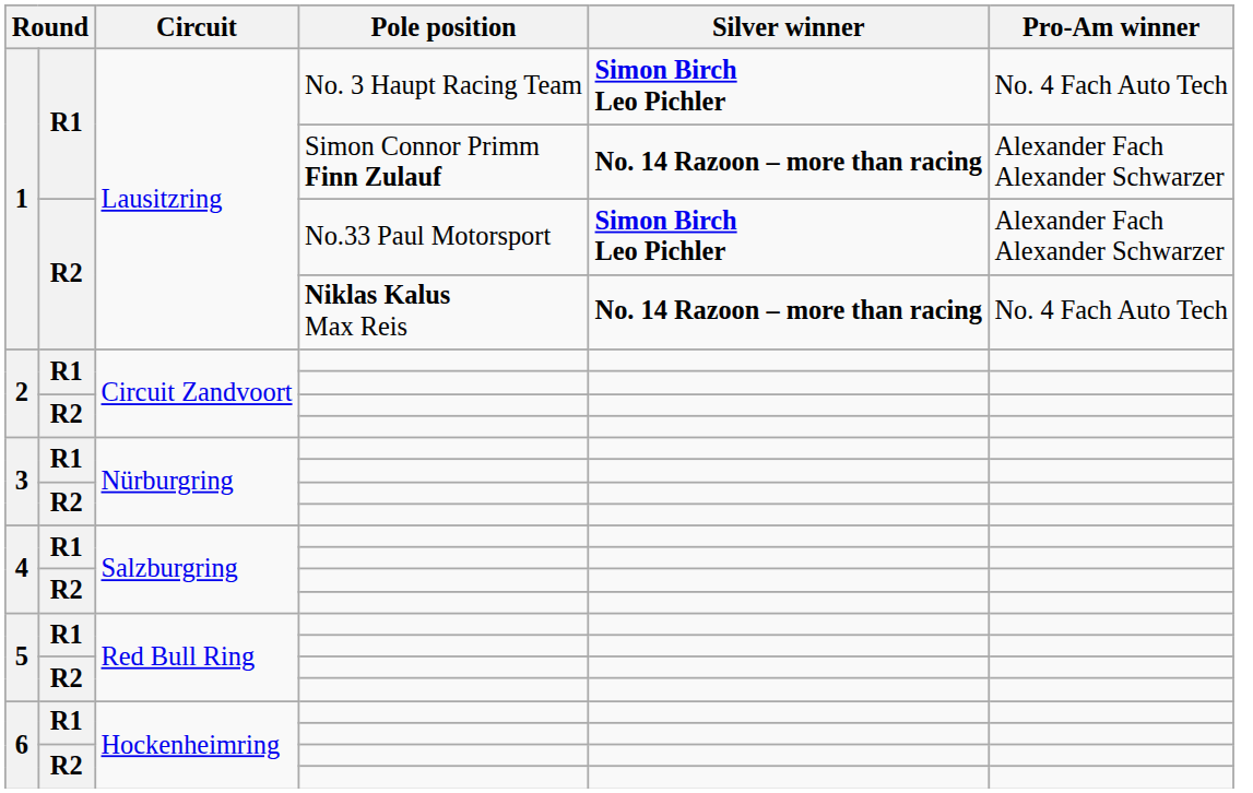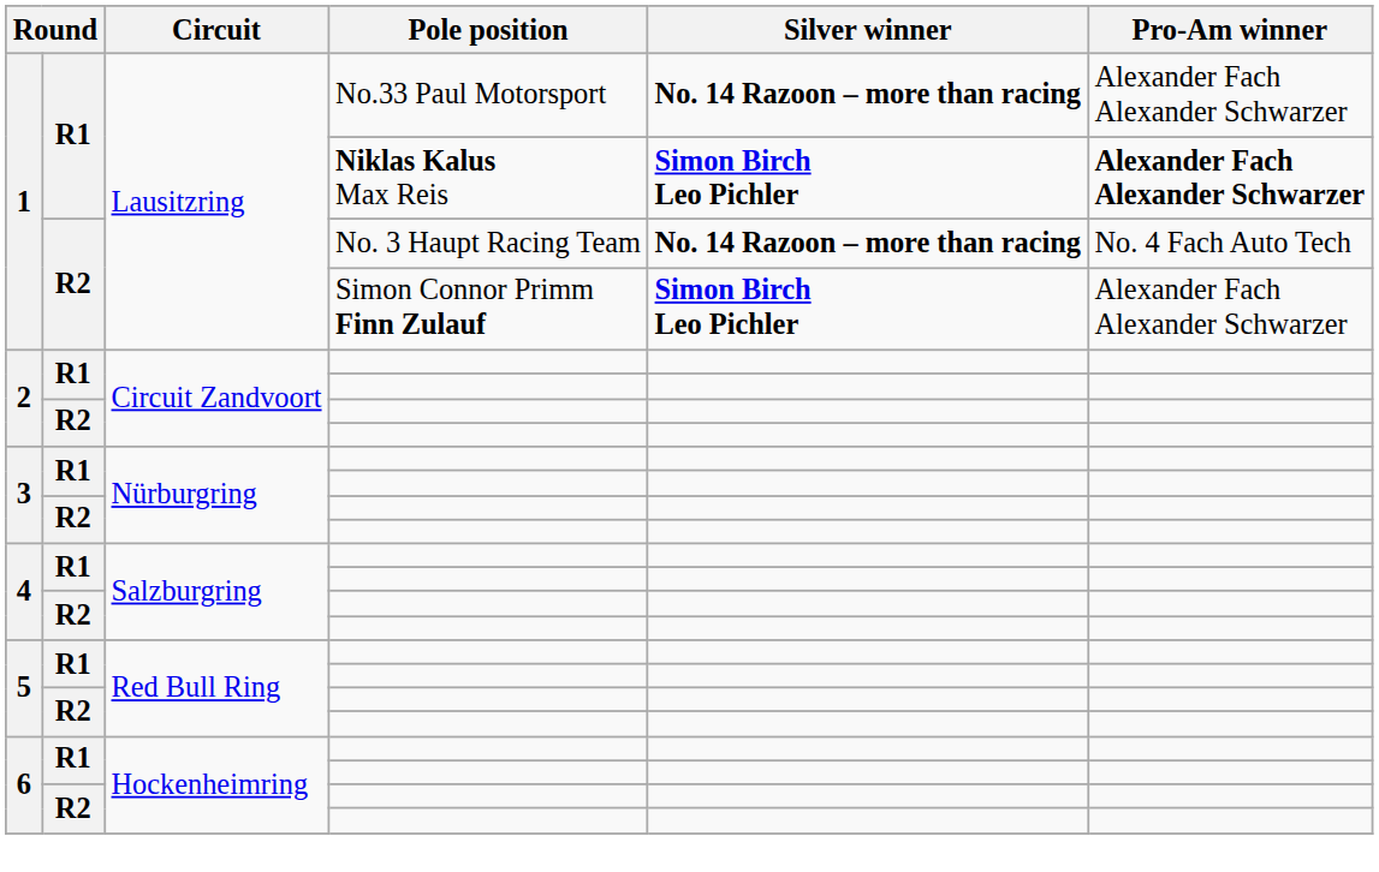 <table class="wikitable" style="font-size:85%;">
 <tr>
 <th colspan="2">Round</th>
 <th>Circuit</th>
 <th>Pole position</th>
 <th>Silver winner</th>
 <th>Pro-Am winner</th>
 </tr>
 <tr>
 <th rowspan="4">1</th>
 <th rowspan="2">R1</th>
 <td rowspan="4"> <a href='#'>Lausitzring</a></td>
+<td> No.33 Paul Motorsport</td>
+<td><strong> No. 14 Razoon – more than racing</strong></td>
+<td> Alexander Fach<br> Alexander Schwarzer</td>
+</tr>
+<tr>
+<td><strong> Niklas Kalus</strong><br> Max Reis</td>
+<td><strong> <a href='#'>Simon Birch</a><br> Leo Pichler</strong></td>
+<td><strong> Alexander Fach<br> Alexander Schwarzer</strong></td>
+</tr>
+<tr>
+<th rowspan="2">R2</th>
 <td> No. 3 Haupt Racing Team</td>
-<td><strong> <a href='#'>Simon Birch</a><br> Leo Pichler</strong></td>
+<td><strong> No. 14 Razoon – more than racing</strong></td>
 <td> No. 4 Fach Auto Tech</td>
 </tr>
 <tr>
 <td> Simon Connor Primm<br><strong> Finn Zulauf</strong></td>
-<td><strong> No. 14 Razoon – more than racing</strong></td>
-<td> Alexander Fach<br> Alexander Schwarzer</td>
-</tr>
-<tr>
-<th rowspan="2">R2</th>
-<td> No.33 Paul Motorsport</td>
 <td><strong> <a href='#'>Simon Birch</a><br> Leo Pichler</strong></td>
 <td> Alexander Fach<br> Alexander Schwarzer</td>
-</tr>
-<tr>
-<td><strong> Niklas Kalus</strong><br> Max Reis</td>
-<td><strong> No. 14 Razoon – more than racing</strong></td>
-<td> No. 4 Fach Auto Tech</td>
 </tr>
 <tr>
 <th rowspan="4">2</th>
 <th rowspan="2">R1</th>
 <td rowspan="4"> <a href='#'>Circuit Zandvoort</a></td>
 <td></td>
 <td></td>
 <td></td>
 </tr>
 <tr>
 <td></td>
 <td></td>
 <td></td>
 </tr>
 <tr>
 <th rowspan="2">R2</th>
 <td></td>
 <td></td>
 <td></td>
 </tr>
 <tr>
 <td></td>
 <td></td>
 <td></td>
 </tr>
 <tr>
 <th rowspan="4">3</th>
 <th rowspan="2">R1</th>
 <td rowspan="4"> <a href='#'>Nürburgring</a></td>
 <td></td>
 <td></td>
 <td></td>
 </tr>
 <tr>
 <td></td>
 <td></td>
 <td></td>
 </tr>
 <tr>
 <th rowspan="2">R2</th>
 <td></td>
 <td></td>
 <td></td>
 </tr>
 <tr>
 <td></td>
 <td></td>
 <td></td>
 </tr>
 <tr>
 <th rowspan="4">4</th>
 <th rowspan="2">R1</th>
 <td rowspan="4"> <a href='#'>Salzburgring</a></td>
 <td></td>
 <td></td>
 <td></td>
 </tr>
 <tr>
 <td></td>
 <td></td>
 <td></td>
 </tr>
 <tr>
 <th rowspan="2">R2</th>
 <td></td>
 <td></td>
 <td></td>
 </tr>
 <tr>
 <td></td>
 <td></td>
 <td></td>
 </tr>
 <tr>
 <th rowspan="4">5</th>
 <th rowspan="2">R1</th>
 <td rowspan="4"> <a href='#'>Red Bull Ring</a></td>
 <td></td>
 <td></td>
 <td></td>
 </tr>
 <tr>
 <td></td>
 <td></td>
 <td></td>
 </tr>
 <tr>
 <th rowspan="2">R2</th>
 <td></td>
 <td></td>
 <td></td>
 </tr>
 <tr>
 <td></td>
 <td></td>
 <td></td>
 </tr>
 <tr>
 <th rowspan="4">6</th>
 <th rowspan="2">R1</th>
 <td rowspan="4"> <a href='#'>Hockenheimring</a></td>
 <td></td>
 <td></td>
 <td></td>
 </tr>
 <tr>
 <td></td>
 <td></td>
 <td></td>
 </tr>
 <tr>
 <th rowspan="2">R2</th>
 <td></td>
 <td></td>
 <td></td>
 </tr>
 <tr>
 <td></td>
 <td></td>
 <td></td>
 </tr>
 </table>
